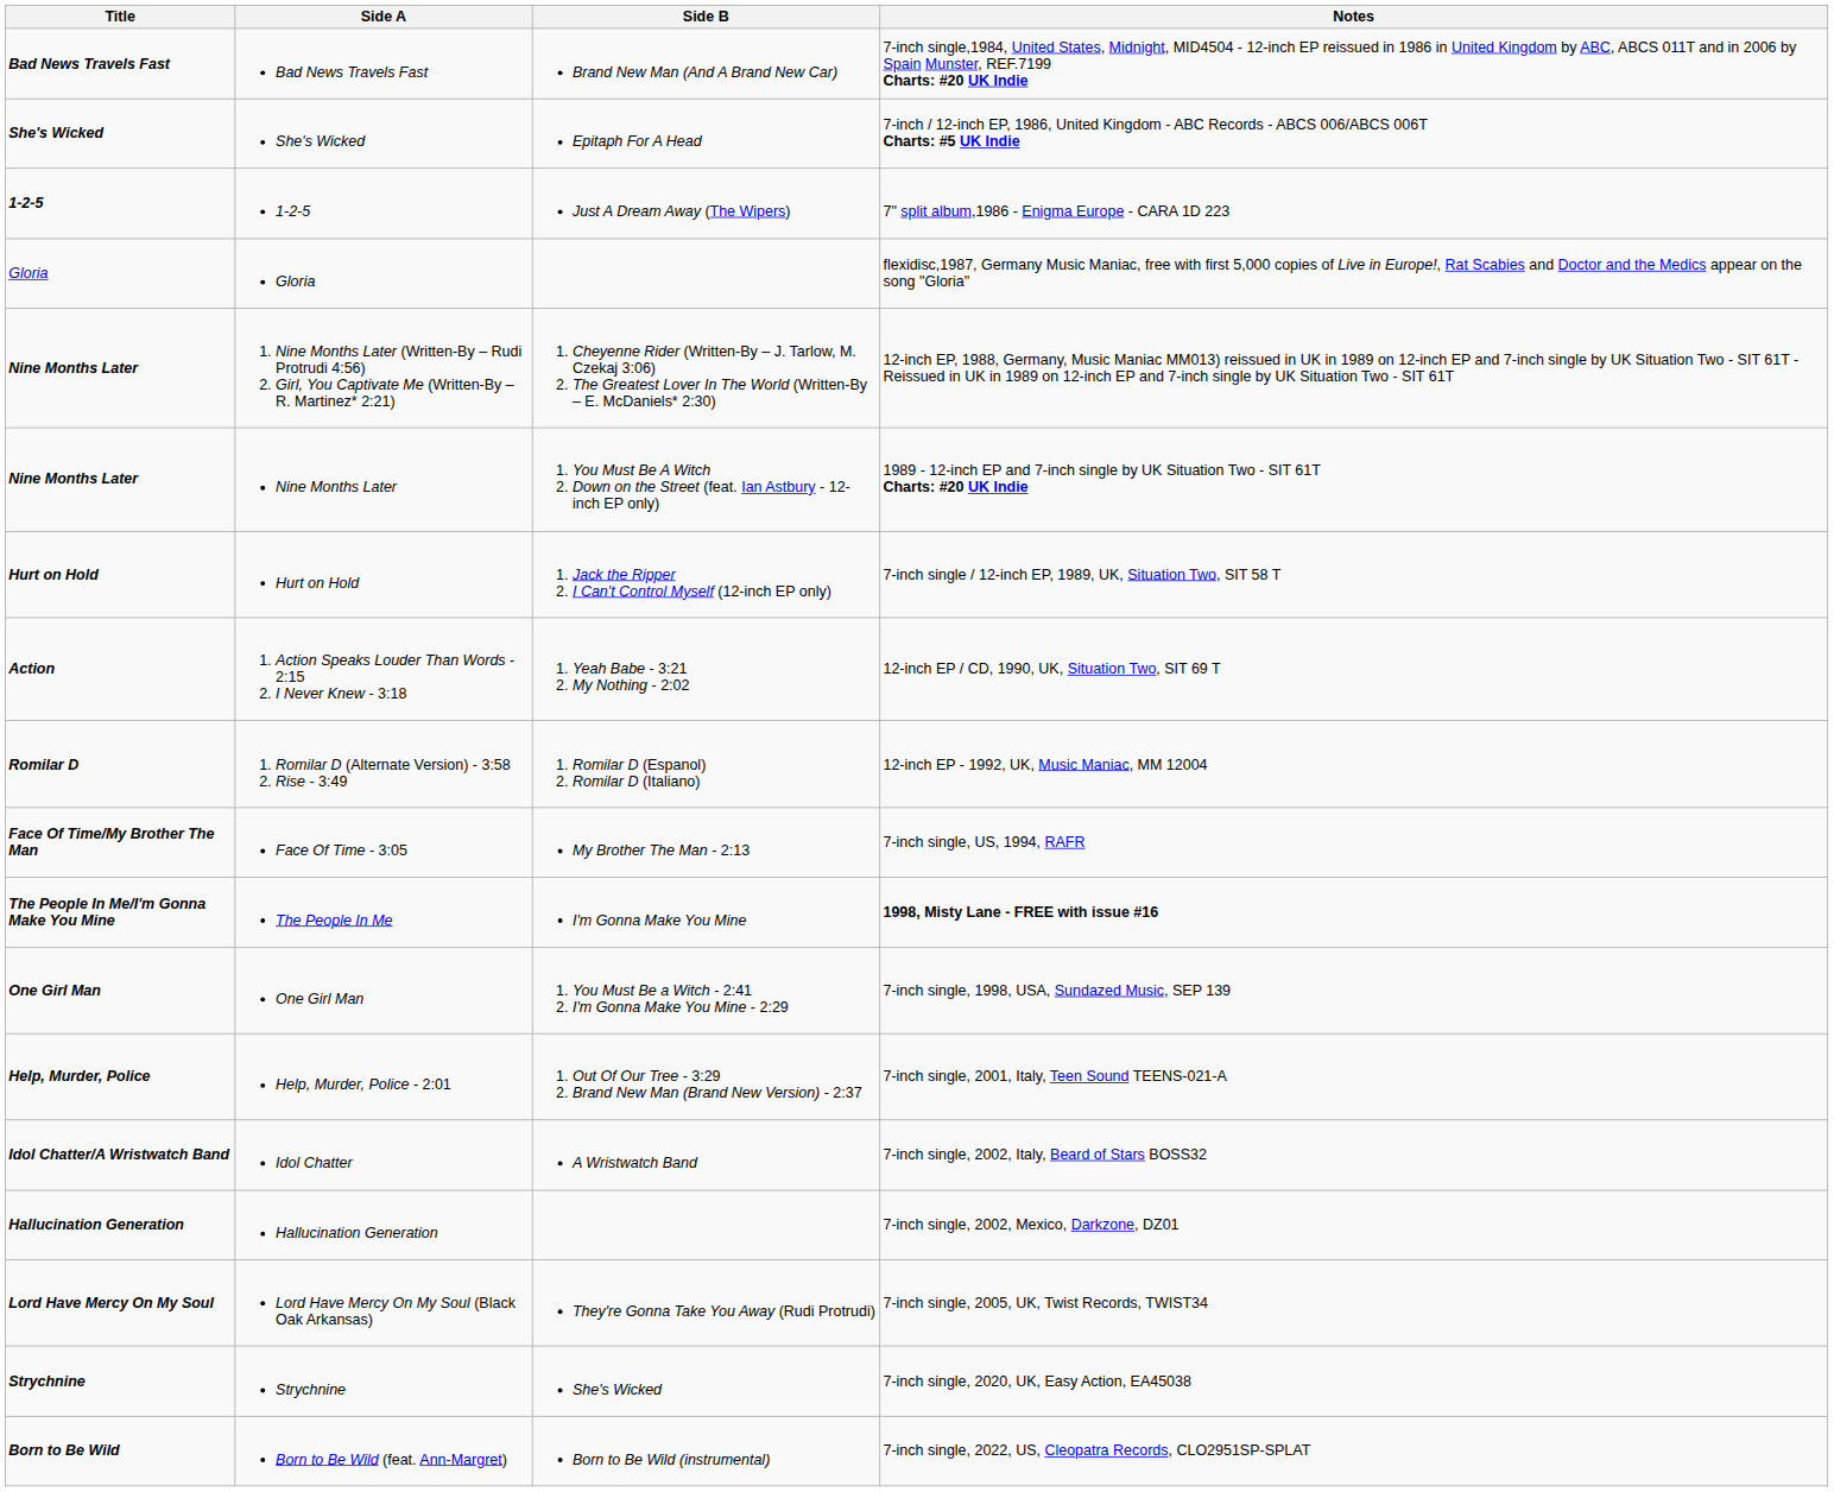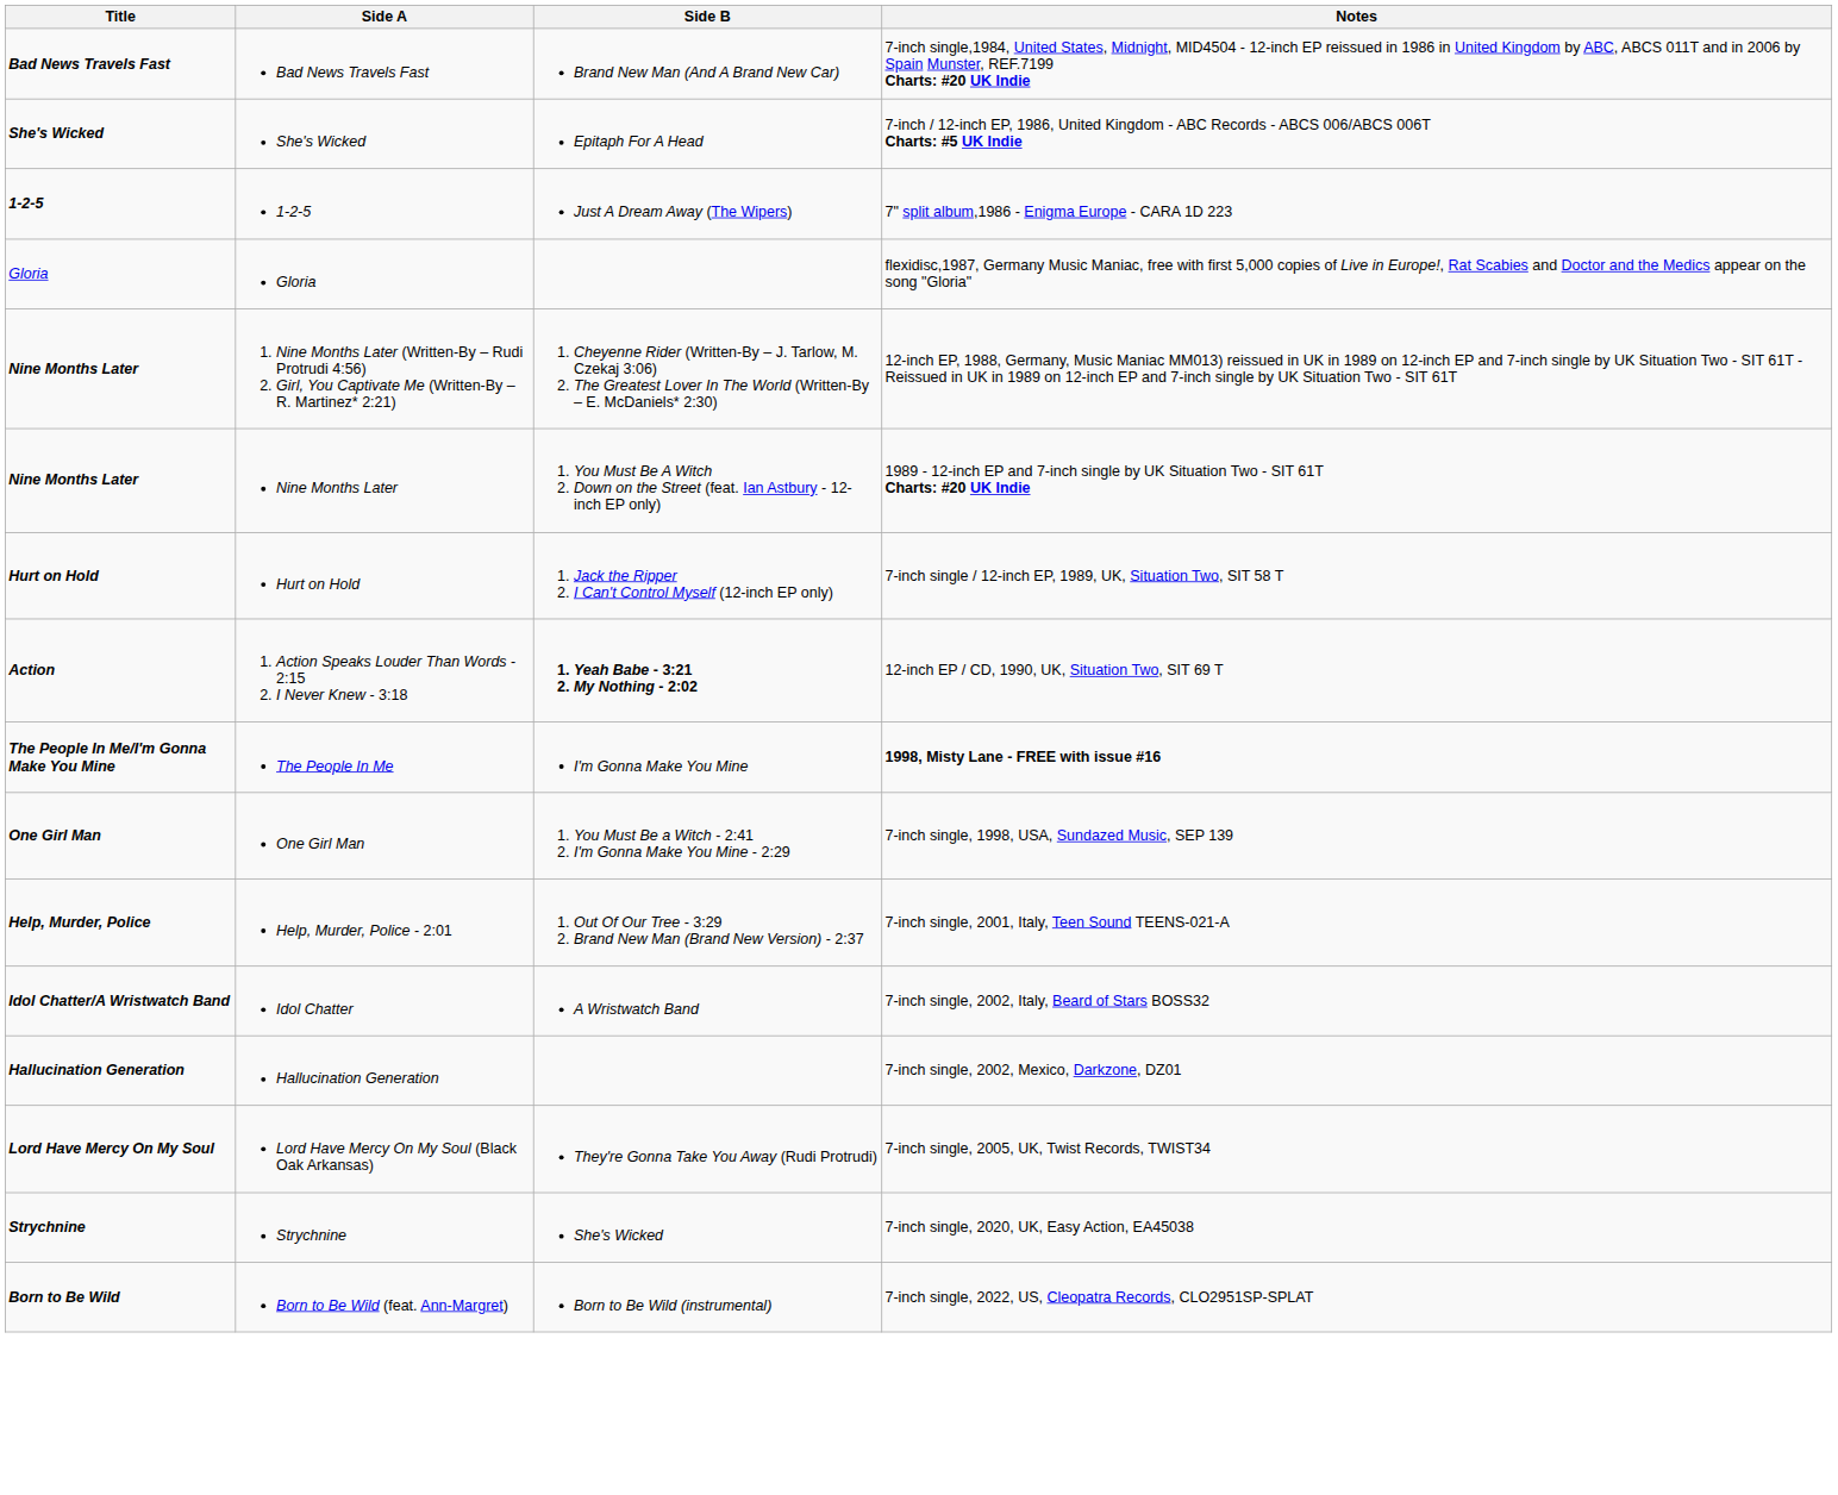 <table class="wikitable">
 <tr>
 <th>Title</th>
 <th>Side A</th>
 <th>Side B</th>
 <th>Notes</th>
 </tr>
 <tr>
 <td><strong><em>Bad News Travels Fast</em></strong></td>
 <td><br><ul><li><em>Bad News Travels Fast</em></li></ul></td>
 <td><br><ul><li><em>Brand New Man (And A Brand New Car)</em></li></ul></td>
 <td>7-inch single,1984, <a href='#'>United States</a>, <a href='#'>Midnight</a>, MID4504 - 12-inch EP reissued in 1986 in <a href='#'>United Kingdom</a> by <a href='#'>ABC</a>, ABCS 011T and in 2006 by <a href='#'>Spain</a> <a href='#'>Munster</a>, REF.7199<br><strong>Charts: #20 <a href='#'>UK Indie</a></strong></td>
 </tr>
 <tr>
 <td><strong><em>She's Wicked</em></strong></td>
 <td><br><ul><li><em>She's Wicked</em></li></ul></td>
 <td><br><ul><li><em>Epitaph For A Head</em></li></ul></td>
 <td>7-inch / 12-inch EP, 1986, United Kingdom - ABC Records - ABCS 006/ABCS 006T<br><strong>Charts: #5 <a href='#'>UK Indie</a></strong></td>
 </tr>
 <tr>
 <td><strong><em>1-2-5</em></strong></td>
 <td><br><ul><li><em>1-2-5</em></li></ul></td>
 <td><br><ul><li><em>Just A Dream Away</em> (<a href='#'>The Wipers</a>)</li></ul></td>
 <td><br>7" <a href='#'>split album</a>,1986 - <a href='#'>Enigma Europe</a> - CARA 1D 223</td>
 </tr>
 <tr>
 <td><em><a href='#'>Gloria</a></em></td>
 <td><br><ul><li><em>Gloria</em></li></ul></td>
 <td></td>
 <td>flexidisc,1987, Germany Music Maniac, free with first 5,000 copies of <em>Live in Europe!</em>, <a href='#'>Rat Scabies</a> and <a href='#'>Doctor and the Medics</a> appear on the song "Gloria"</td>
 </tr>
 <tr>
 <td><strong><em>Nine Months Later</em></strong></td>
 <td><br><ol><li><em>Nine Months Later</em> (Written-By – Rudi Protrudi 4:56)</li><li><em>Girl, You Captivate Me</em> (Written-By – R. Martinez*  2:21)</li></ol></td>
 <td><br><ol><li><em>Cheyenne Rider</em> (Written-By – J. Tarlow, M. Czekaj 3:06)</li><li><em>The Greatest Lover In The World</em> (Written-By – E. McDaniels*  2:30)</li></ol></td>
 <td>12-inch EP, 1988, Germany, Music Maniac MM013) reissued in UK in 1989 on 12-inch EP and 7-inch single by UK Situation Two - SIT 61T - Reissued in UK in 1989 on 12-inch EP and 7-inch single by UK Situation Two - SIT 61T</td>
 </tr>
 <tr>
 <td><strong><em>Nine Months Later</em></strong></td>
 <td><br><ul><li><em>Nine Months Later</em></li></ul></td>
 <td><br><ol><li><em>You Must Be A Witch</em></li><li><em>Down on the Street</em> (feat. <a href='#'>Ian Astbury</a> - 12-inch EP only)</li></ol></td>
 <td>1989 - 12-inch EP and 7-inch single by UK Situation Two - SIT 61T<br><strong>Charts: #20 <a href='#'>UK Indie</a></strong></td>
 </tr>
 <tr>
 <td><strong><em>Hurt on Hold</em></strong></td>
 <td><br><ul><li><em>Hurt on Hold</em></li></ul></td>
 <td><br><ol><li><em><a href='#'>Jack the Ripper</a></em></li><li><em><a href='#'>I Can't Control Myself</a></em> (12-inch EP only)</li></ol></td>
 <td>7-inch single / 12-inch EP, 1989, UK, <a href='#'>Situation Two</a>, SIT 58 T</td>
 </tr>
 <tr>
 <td><strong><em>Action</em></strong></td>
 <td><br><ol><li><em>Action Speaks Louder Than Words</em> - 2:15</li><li><em>I Never Knew</em> - 3:18</li></ol></td>
-<td><br><ol><li><em>Yeah Babe</em> - 3:21</li><li><em>My Nothing</em> - 2:02</li></ol></td>
+<td><strong><br><ol><li><em>Yeah Babe</em> - 3:21</li><li><em>My Nothing</em> - 2:02</li></ol></strong></td>
 <td>12-inch EP / CD, 1990, UK, <a href='#'>Situation Two</a>, SIT 69 T</td>
-</tr>
-<tr>
-<td><strong><em>Romilar D</em></strong></td>
-<td><br><ol><li><em>Romilar D</em> (Alternate Version) - 3:58</li><li><em>Rise</em> - 3:49</li></ol></td>
-<td><br><ol><li><em>Romilar D</em> (Espanol)</li><li><em>Romilar D</em> (Italiano)</li></ol></td>
-<td>12-inch EP - 1992,  UK, <a href='#'>Music Maniac</a>, MM 12004</td>
-</tr>
-<tr>
-<td><strong><em>Face Of Time/My Brother The Man</em></strong></td>
-<td><br><ul><li><em>Face Of Time</em> - 3:05</li></ul></td>
-<td><br><ul><li><em>My Brother The Man</em> - 2:13</li></ul></td>
-<td>7-inch single, US, 1994, <a href='#'>RAFR</a></td>
 </tr>
 <tr>
 <td><strong><em>The People In Me/I'm Gonna Make You Mine</em></strong></td>
 <td><br><ul><li><em><a href='#'>The People In Me</a></em></li></ul></td>
 <td><br><ul><li><em>I'm Gonna Make You Mine</em></li></ul></td>
 <td><strong>1998, Misty Lane - FREE with issue #16</strong></td>
 </tr>
 <tr>
 <td><strong><em>One Girl Man</em></strong></td>
 <td><br><ul><li><em>One Girl Man</em></li></ul></td>
 <td><br><ol><li><em>You Must Be a Witch</em> - 2:41</li><li><em>I'm Gonna Make You Mine</em> - 2:29</li></ol></td>
 <td>7-inch single, 1998,  USA, <a href='#'>Sundazed Music</a>, SEP 139</td>
 </tr>
 <tr>
 <td><strong><em>Help, Murder, Police</em></strong></td>
 <td><br><ul><li><em>Help, Murder, Police</em> - 2:01</li></ul></td>
 <td><br><ol><li><em>Out Of Our Tree</em> - 3:29</li><li><em>Brand New Man (Brand New Version)</em> - 2:37</li></ol></td>
 <td>7-inch single, 2001, Italy, <a href='#'>Teen Sound</a> TEENS-021-A</td>
 </tr>
 <tr>
 <td><strong><em>Idol Chatter/A Wristwatch Band</em></strong></td>
 <td><br><ul><li><em>Idol Chatter</em></li></ul></td>
 <td><br><ul><li><em>A Wristwatch Band</em></li></ul></td>
 <td>7-inch single, 2002, Italy, <a href='#'>Beard of Stars</a> BOSS32</td>
 </tr>
 <tr>
 <td><strong><em>Hallucination Generation</em></strong></td>
 <td><br><ul><li><em>Hallucination Generation</em></li></ul></td>
 <td></td>
 <td>7-inch single, 2002, Mexico, <a href='#'>Darkzone</a>, DZ01</td>
 </tr>
 <tr>
 <td><strong><em>Lord Have Mercy On My Soul</em></strong></td>
 <td><br><ul><li><em>Lord Have Mercy On My Soul</em> (Black Oak Arkansas)</li></ul></td>
 <td><br><ul><li><em>They're Gonna Take You Away</em> (Rudi Protrudi)</li></ul></td>
 <td>7-inch single, 2005, UK, Twist Records, TWIST34</td>
 </tr>
 <tr>
 <td><strong><em>Strychnine</em></strong></td>
 <td><br><ul><li><em>Strychnine</em></li></ul></td>
 <td><br><ul><li><em>She's Wicked</em></li></ul></td>
 <td>7-inch single, 2020, UK, Easy Action, EA45038</td>
 </tr>
 <tr>
 <td><strong><em>Born to Be Wild</em></strong></td>
 <td><br><ul><li><em><a href='#'>Born to Be Wild</a></em> (feat. <a href='#'>Ann-Margret</a>)</li></ul></td>
 <td><br><ul><li><em>Born to Be Wild (instrumental)</em></li></ul></td>
 <td>7-inch single, 2022, US, <a href='#'>Cleopatra Records</a>, CLO2951SP-SPLAT</td>
 </tr>
 </table>
